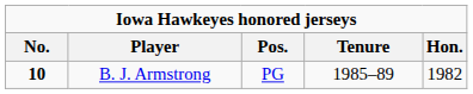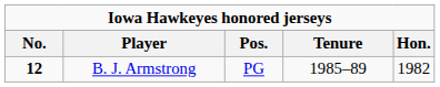 <table class="wikitable sortable" style="text-align:center">
 <tr>
 <td colspan="5"><strong>Iowa Hawkeyes honored jerseys</strong></td>
 </tr>
 <tr>
 <th width=50px>No.</th>
 <th width=150px>Player</th>
 <th width=50px>Pos.</th>
 <th width=100px>Tenure</th>
 <th>Hon.</th>
 </tr>
 <tr>
-<td><strong>10</strong></td>
+<td><strong>12</strong></td>
 <td><a href='#'>B. J. Armstrong</a></td>
 <td><a href='#'>PG</a></td>
 <td>1985–89</td>
 <td>1982</td>
 </tr>
 </table>
